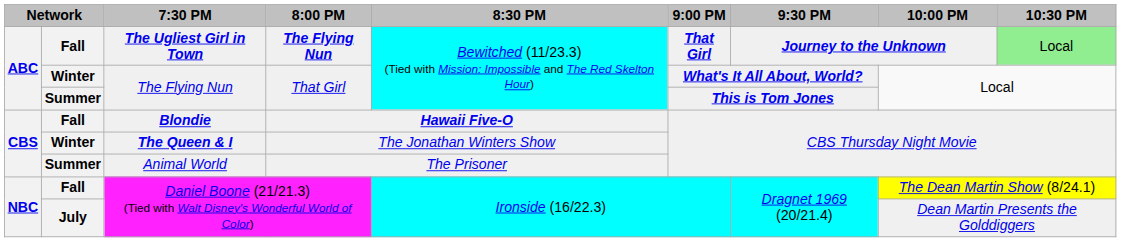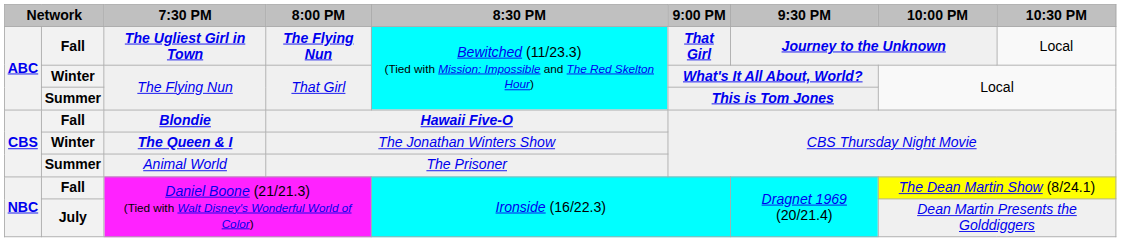 <table class="wikitable" style="width:100%;margin-right:0;text-align:center">
 <tr>
 <th colspan="2" style="background-color:#C0C0C0;text-align:center">Network</th>
 <th style="background-color:#C0C0C0;text-align:center">7:30 PM</th>
 <th style="background-color:#C0C0C0;text-align:center">8:00 PM</th>
 <th style="background-color:#C0C0C0;text-align:center">8:30 PM</th>
 <th style="background-color:#C0C0C0;text-align:center">9:00 PM</th>
 <th style="background-color:#C0C0C0;text-align:center">9:30 PM</th>
 <th style="background-color:#C0C0C0;text-align:center">10:00 PM</th>
 <th style="background-color:#C0C0C0;text-align:center">10:30 PM</th>
 </tr>
 <tr>
 <th bgcolor="#C0C0C0" rowspan="3"><a href='#'>ABC</a></th>
 <th>Fall</th>
 <td bgcolor="#F0F0F0"><strong><em><a href='#'>The Ugliest Girl in Town</a></em></strong></td>
 <td bgcolor="#F0F0F0"><strong><em><a href='#'>The Flying Nun</a></em></strong></td>
 <td bgcolor="#00FFFF" rowspan="3"><em><a href='#'>Bewitched</a></em> (11/23.3)<br><small>(Tied with <em><a href='#'>Mission: Impossible</a></em> and <em><a href='#'>The Red Skelton Hour</a></em>)</small></td>
 <td bgcolor="#F0F0F0"><strong><em><a href='#'>That Girl</a></em></strong></td>
 <td bgcolor="#F0F0F0" colspan="2"><strong><em><a href='#'>Journey to the Unknown</a></em></strong></td>
-<td style="background: lightgreen;">Local</td>
+<td>Local</td>
 </tr>
 <tr>
 <th>Winter</th>
 <td bgcolor="#F0F0F0" rowspan="2"><em><a href='#'>The Flying Nun</a></em></td>
 <td bgcolor="#F0F0F0" rowspan="2"><em><a href='#'>That Girl</a></em></td>
 <td bgcolor="#F0F0F0" colspan="2"><strong><em><a href='#'>What's It All About, World?</a></em></strong></td>
 <td colspan="2" rowspan="2">Local</td>
 </tr>
 <tr>
 <th>Summer</th>
 <td bgcolor="#F0F0F0" colspan="2"><strong><em><a href='#'>This is Tom Jones</a></em></strong></td>
 </tr>
 <tr>
 <th bgcolor="#C0C0C0" rowspan="3"><a href='#'>CBS</a></th>
 <th>Fall</th>
 <td bgcolor="#F0F0F0"><strong><em><a href='#'>Blondie</a></em></strong></td>
 <td bgcolor="#F0F0F0" colspan="2"><strong><em><a href='#'>Hawaii Five-O</a></em></strong></td>
 <td bgcolor="#F0F0F0" colspan="4" rowspan="3"><em><a href='#'>CBS Thursday Night Movie</a></em></td>
 </tr>
 <tr>
 <th>Winter</th>
 <td bgcolor="#F0F0F0"><strong><em><a href='#'>The Queen & I</a></em></strong></td>
 <td bgcolor="#F0F0F0" colspan="2"><em><a href='#'>The Jonathan Winters Show</a></em></td>
 </tr>
 <tr>
 <th>Summer</th>
 <td bgcolor="#F0F0F0"><em><a href='#'>Animal World</a></em></td>
 <td bgcolor="#F0F0F0" colspan="2"><em><a href='#'>The Prisoner</a></em></td>
 </tr>
 <tr>
 <th bgcolor="#C0C0C0" rowspan="2"><a href='#'>NBC</a></th>
 <th>Fall</th>
 <td bgcolor="#FF22FF" colspan="2" rowspan="2"><em><a href='#'>Daniel Boone</a></em> (21/21.3)<br><small>(Tied with <em><a href='#'>Walt Disney's Wonderful World of Color</a></em>)</small></td>
 <td bgcolor="#00FFFF" colspan="2" rowspan="2"><em><a href='#'>Ironside</a></em> (16/22.3)</td>
 <td bgcolor="#00FFFF" rowspan="2"><em><a href='#'>Dragnet 1969</a></em> (20/21.4)</td>
 <td bgcolor="#FFFF00" colspan="2"><em><a href='#'>The Dean Martin Show</a></em> (8/24.1)</td>
 </tr>
 <tr>
 <th>July</th>
 <td bgcolor="#F0F0F0" colspan="2"><em><a href='#'>Dean Martin Presents the Golddiggers</a></em></td>
 </tr>
 </table>
